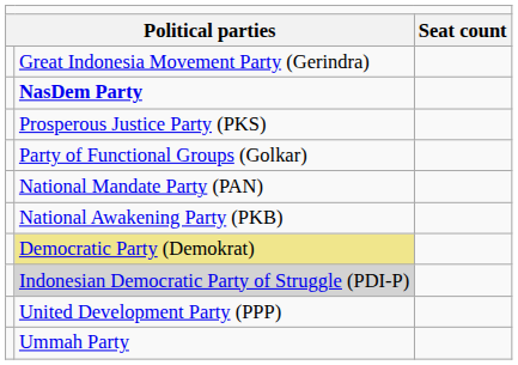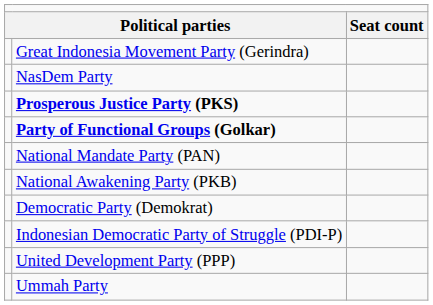 <table class="wikitable">
 <tr>
 <td colspan="4"></td>
 </tr>
 <tr>
 <th colspan="2">Political parties</th>
 <th>Seat count</th>
 </tr>
 <tr>
 <td bgcolor=></td>
 <td><a href='#'>Great Indonesia Movement Party</a> (Gerindra)</td>
 <td></td>
 </tr>
 <tr>
 <td bgcolor=></td>
-<td><strong><a href='#'>NasDem Party</a></strong></td>
+<td><a href='#'>NasDem Party</a></td>
 <td></td>
 </tr>
 <tr>
 <td bgcolor=></td>
-<td><a href='#'>Prosperous Justice Party</a> (PKS)</td>
+<td><strong><a href='#'>Prosperous Justice Party</a> (PKS)</strong></td>
 <td></td>
 </tr>
 <tr>
 <td bgcolor=></td>
-<td><a href='#'>Party of Functional Groups</a> (Golkar)</td>
+<td><strong><a href='#'>Party of Functional Groups</a> (Golkar)</strong></td>
 <td></td>
 </tr>
 <tr>
 <td bgcolor=></td>
 <td><a href='#'>National Mandate Party</a> (PAN)</td>
 <td></td>
 </tr>
 <tr>
 <td bgcolor=></td>
 <td><a href='#'>National Awakening Party</a> (PKB)</td>
 <td></td>
 </tr>
 <tr>
 <td bgcolor=></td>
-<td style="background: khaki;"><a href='#'>Democratic Party</a> (Demokrat)</td>
+<td><a href='#'>Democratic Party</a> (Demokrat)</td>
 <td></td>
 </tr>
 <tr>
 <td bgcolor=></td>
-<td style="background: lightgrey;"><a href='#'>Indonesian Democratic Party of Struggle</a> (PDI-P)</td>
+<td><a href='#'>Indonesian Democratic Party of Struggle</a> (PDI-P)</td>
 <td></td>
 </tr>
 <tr>
 <td bgcolor=></td>
 <td><a href='#'>United Development Party</a> (PPP)</td>
 <td></td>
 </tr>
 <tr>
 <td bgcolor=></td>
 <td><a href='#'>Ummah Party</a></td>
 <td></td>
 </tr>
 </table>
